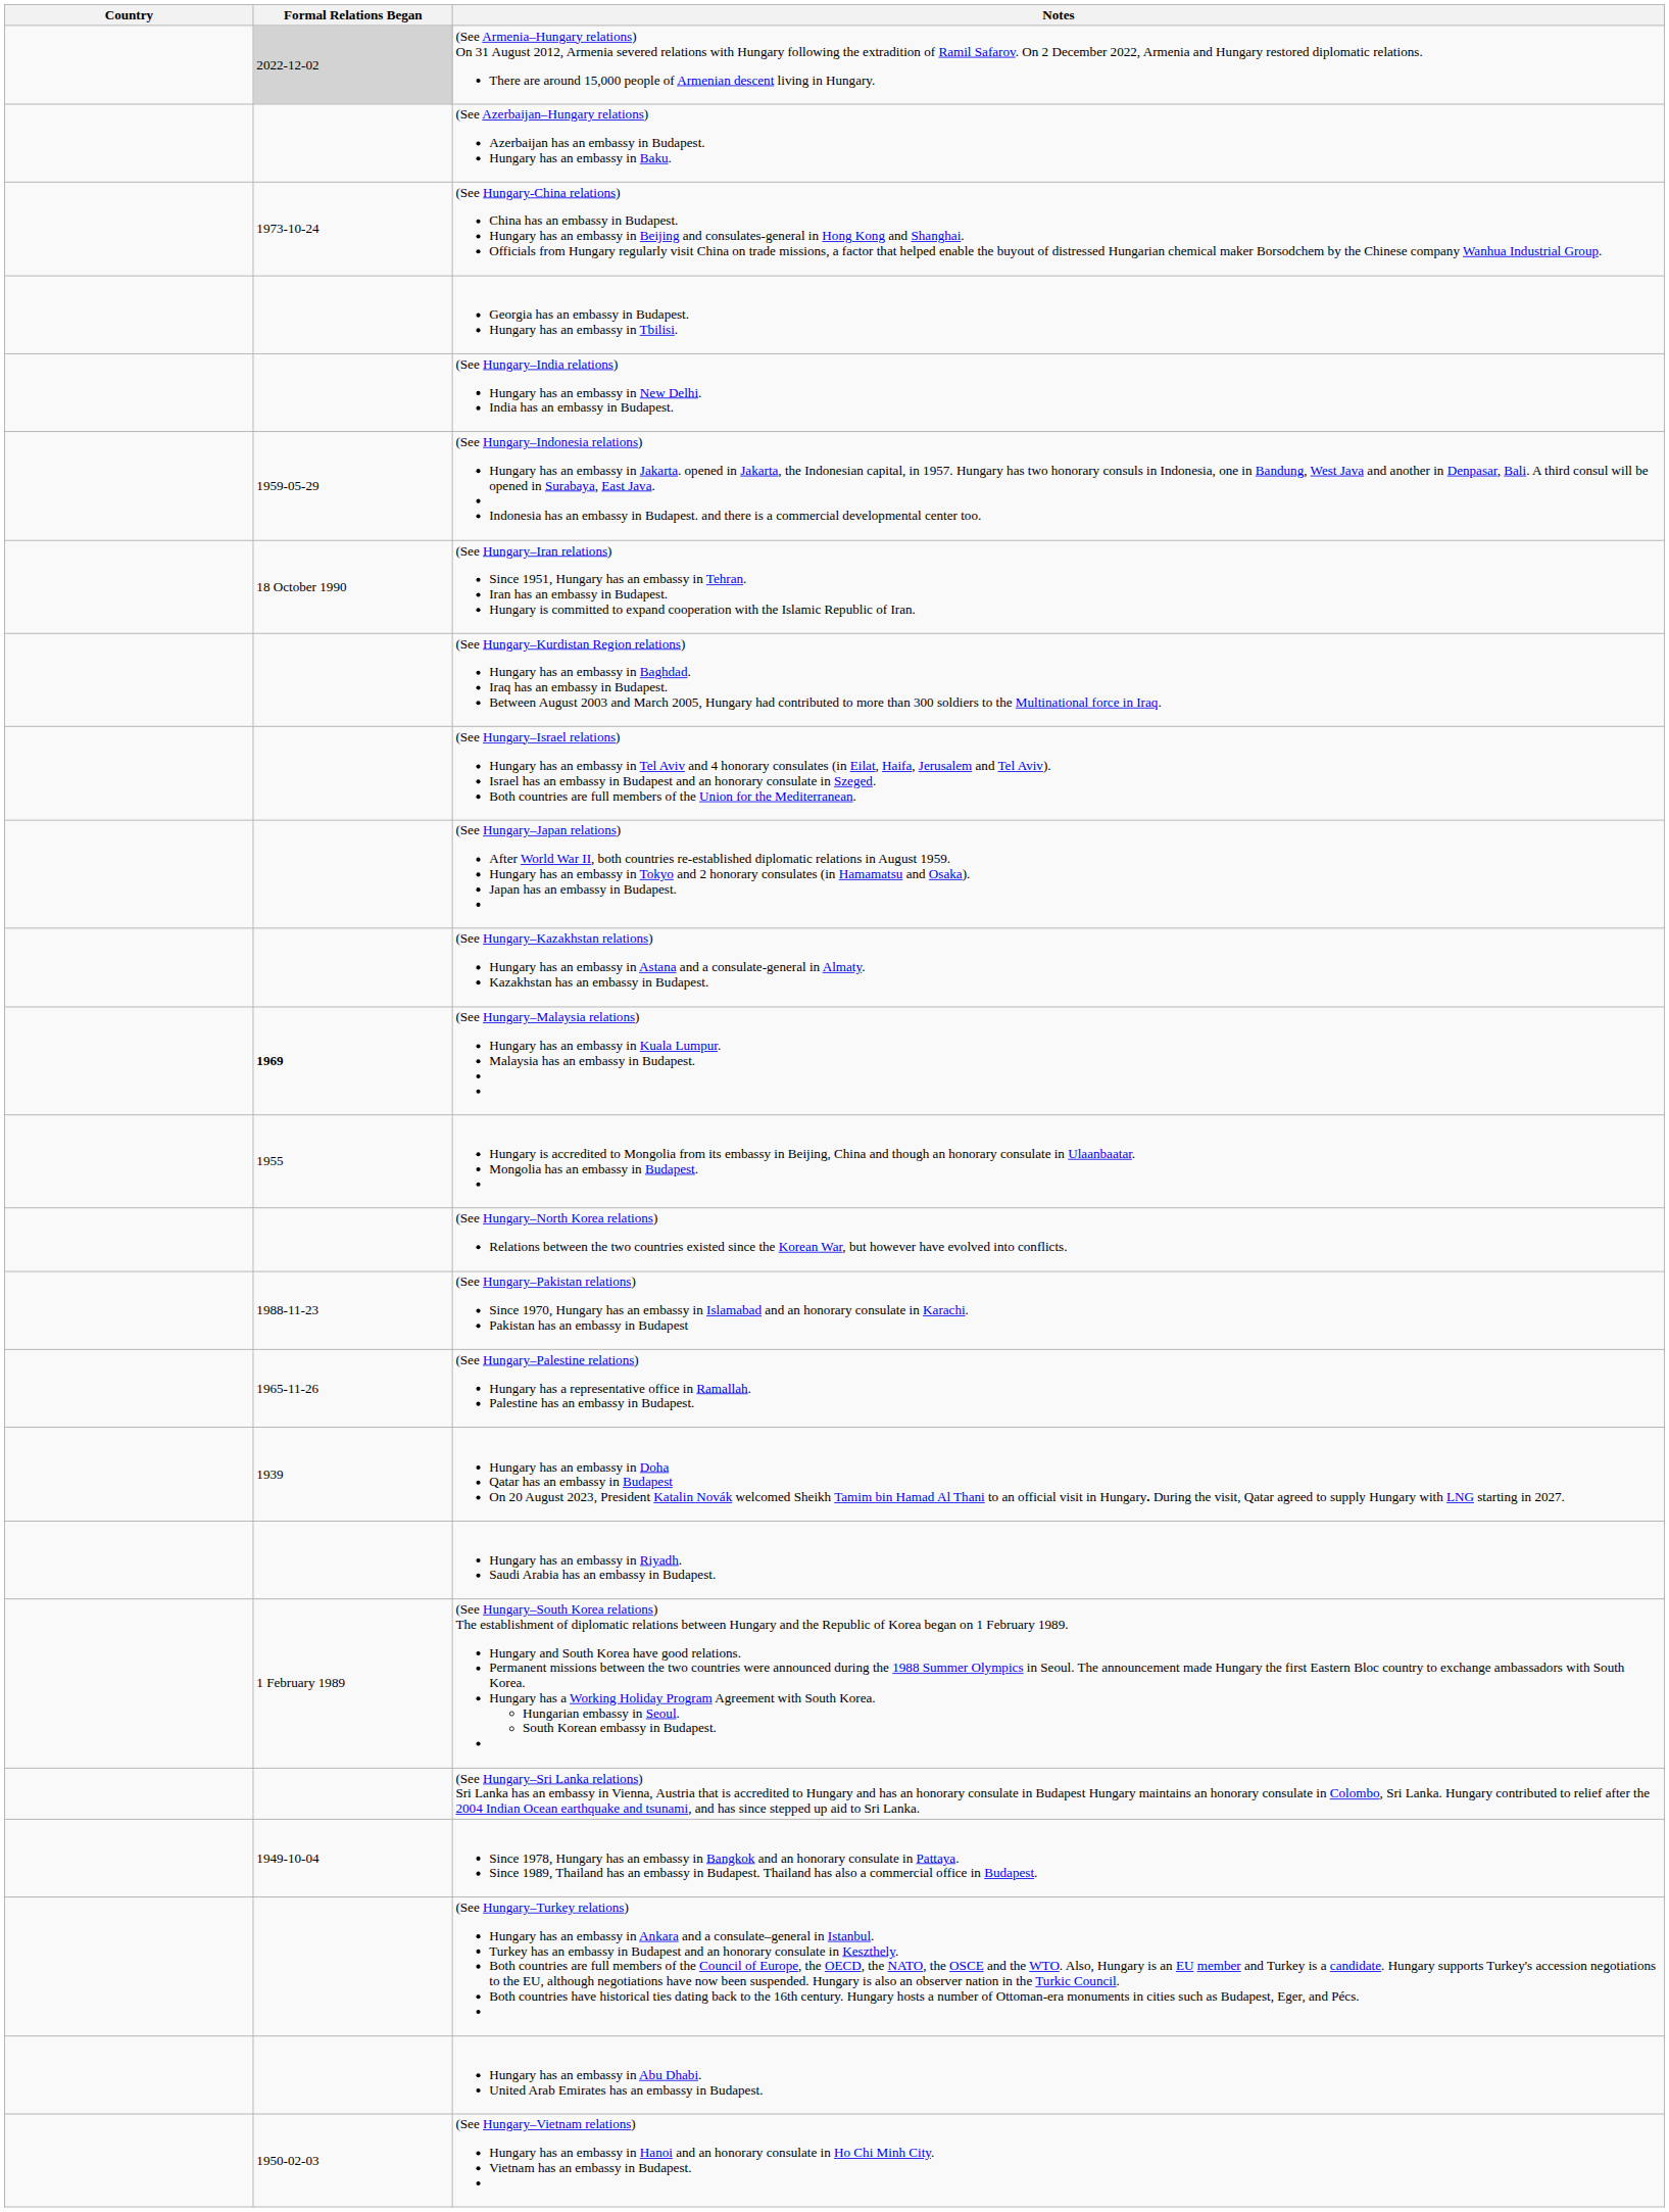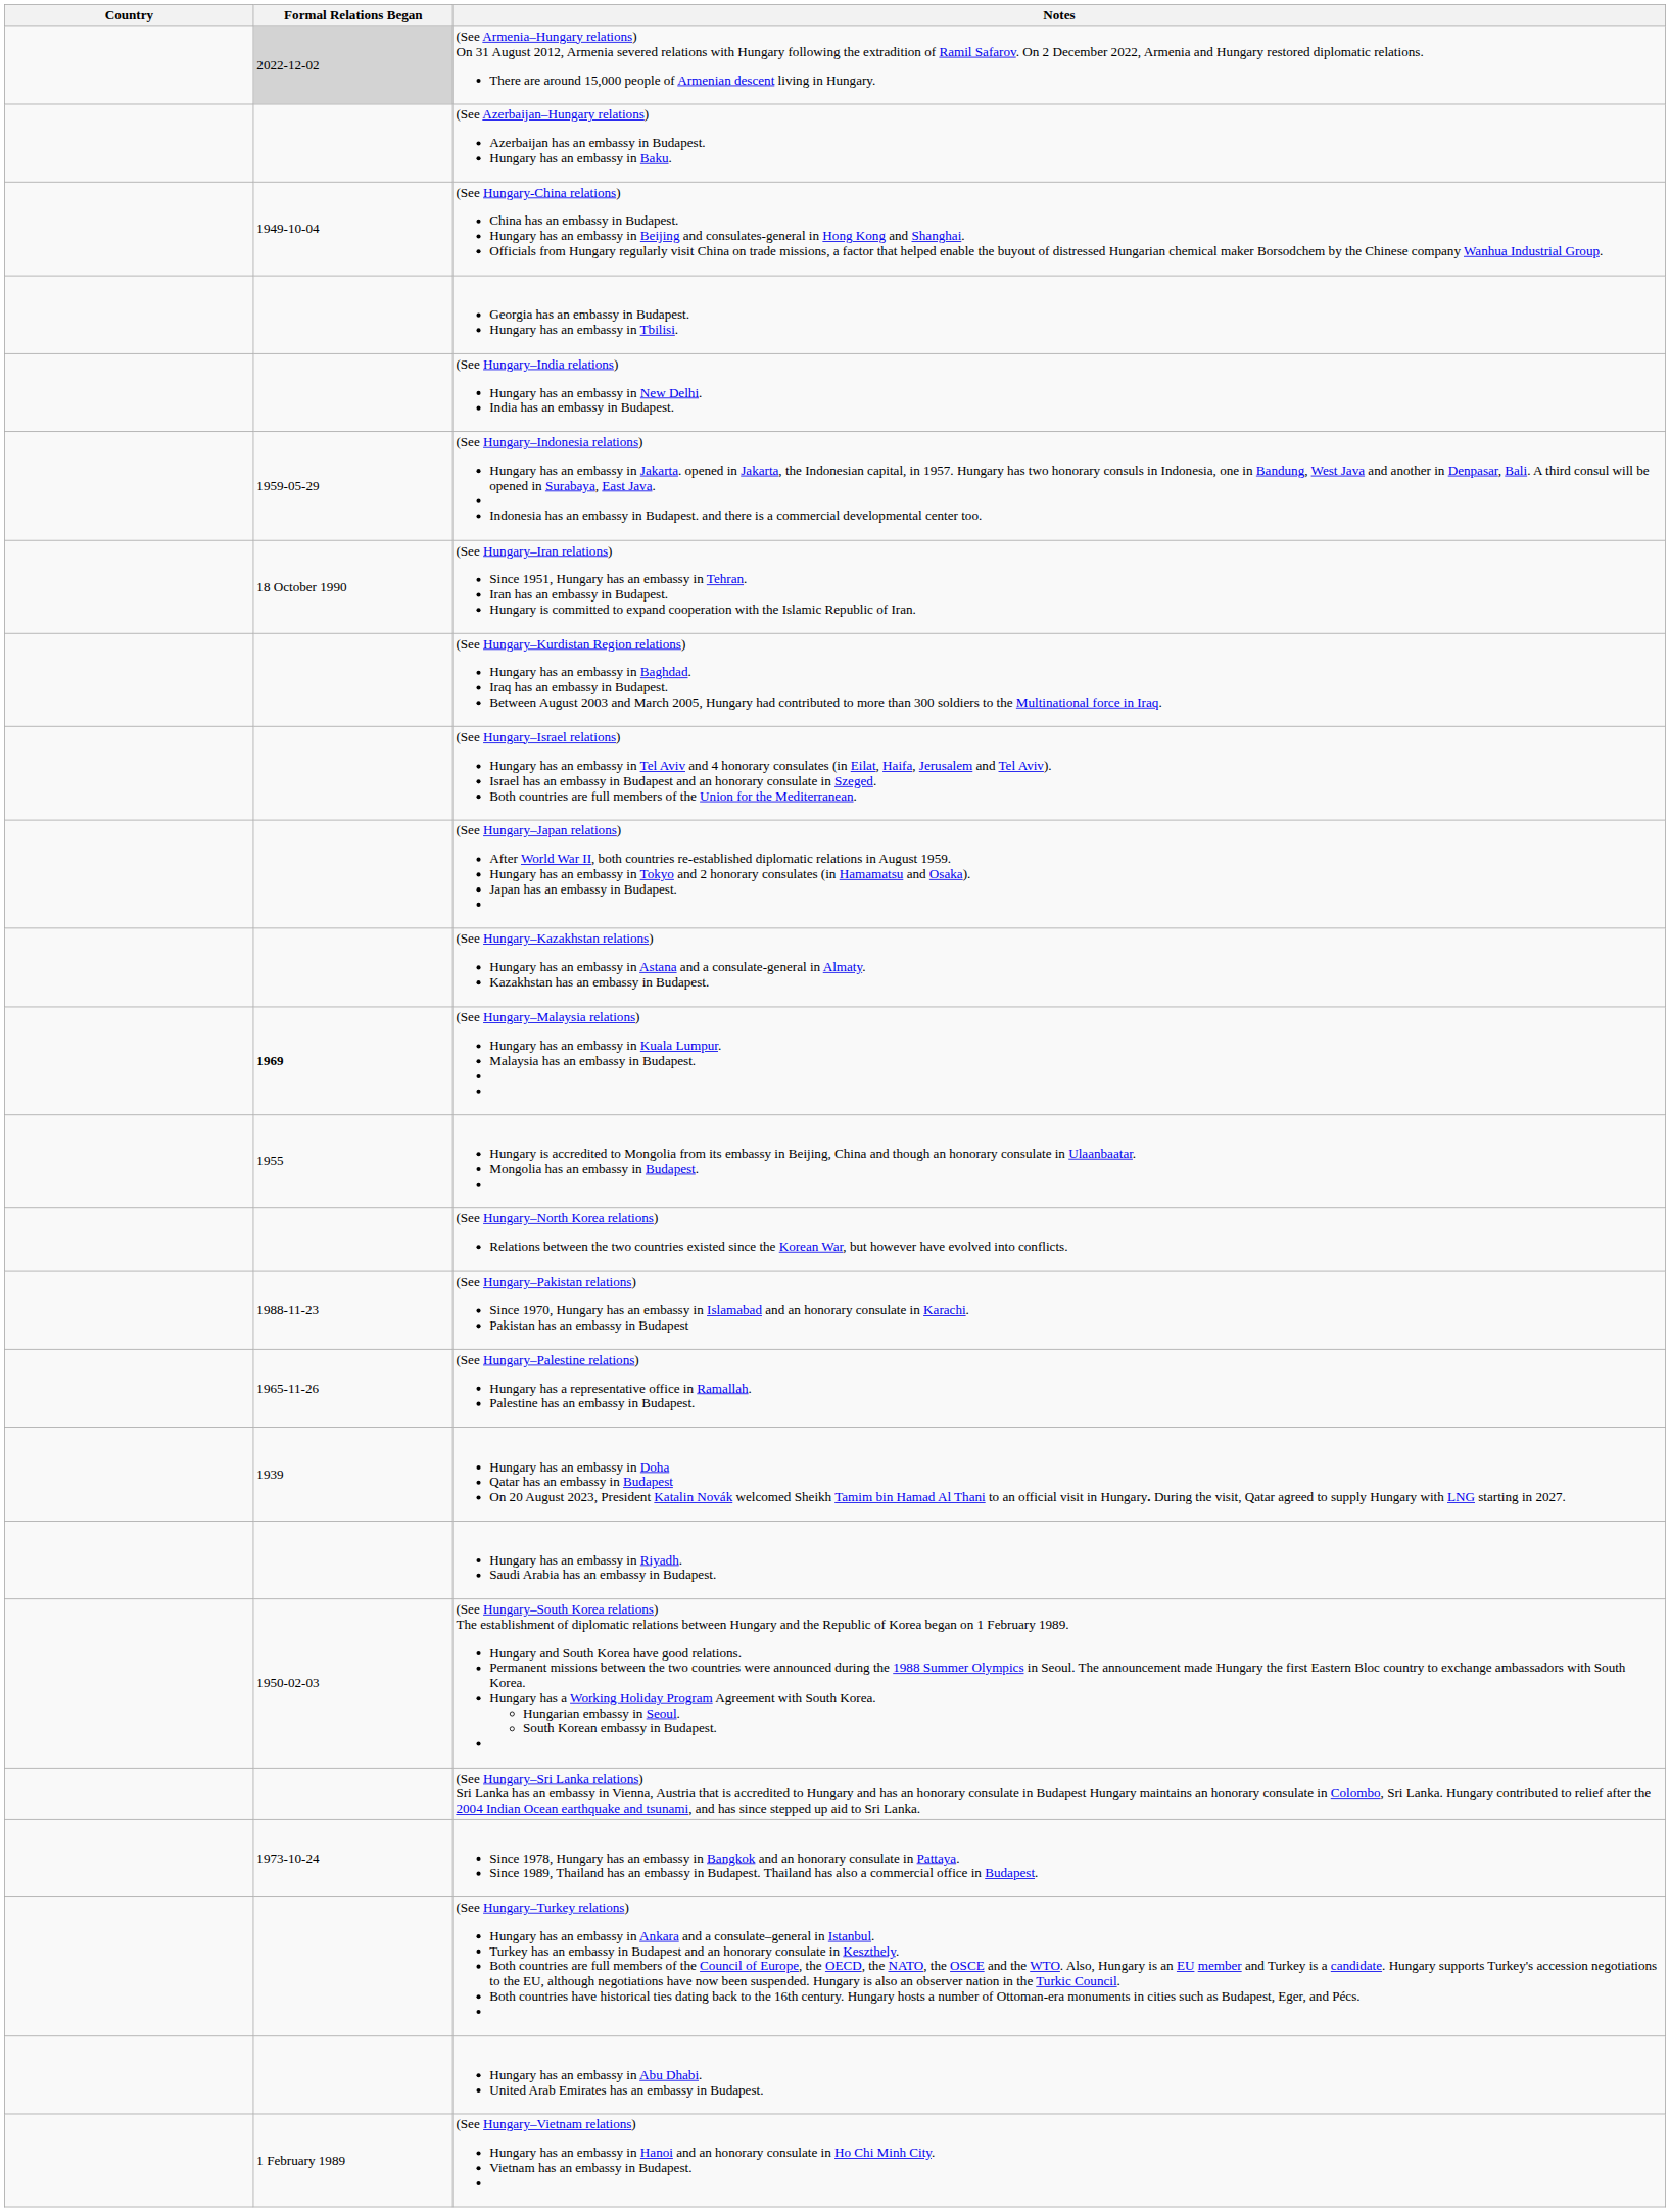 <table class="wikitable sortable" border="1" style="width:100%; margin:auto;">
 <tr>
 <th width="15%">Country</th>
 <th width="12%">Formal Relations Began</th>
 <th>Notes</th>
 </tr>
 <tr -valign="top">
 <td></td>
 <td style="background: lightgrey;">2022-12-02</td>
 <td>(See <a href='#'>Armenia–Hungary relations</a>)<br>On 31 August 2012, Armenia severed relations with Hungary following the extradition of <a href='#'>Ramil Safarov</a>. On 2 December 2022, Armenia and Hungary restored diplomatic relations.<ul><li>There are around 15,000 people of <a href='#'>Armenian descent</a> living in Hungary.</li></ul></td>
 </tr>
 <tr -valign="top">
 <td></td>
 <td></td>
 <td>(See <a href='#'>Azerbaijan–Hungary relations</a>)<br><ul><li>Azerbaijan has an embassy in Budapest.</li><li>Hungary has an embassy in <a href='#'>Baku</a>.</li></ul></td>
 </tr>
 <tr -valign="top">
 <td></td>
-<td>1973-10-24</td>
+<td>1949-10-04</td>
 <td>(See <a href='#'>Hungary-China relations</a>)<br><ul><li>China has an embassy in Budapest.</li><li>Hungary has an embassy in <a href='#'>Beijing</a> and consulates-general in <a href='#'>Hong Kong</a> and <a href='#'>Shanghai</a>.</li><li>Officials from Hungary regularly visit China on trade missions, a factor that helped enable the buyout of distressed Hungarian chemical maker Borsodchem by the Chinese company <a href='#'>Wanhua Industrial Group</a>.</li></ul></td>
 </tr>
 <tr -valign="top">
 <td></td>
 <td></td>
 <td><br><ul><li>Georgia has an embassy in Budapest.</li><li>Hungary has an embassy in <a href='#'>Tbilisi</a>.</li></ul></td>
 </tr>
 <tr -valign="top">
 <td></td>
 <td></td>
 <td>(See <a href='#'>Hungary–India relations</a>)<br><ul><li>Hungary has an embassy in <a href='#'>New Delhi</a>.</li><li>India has an embassy in Budapest.</li></ul></td>
 </tr>
 <tr -valign="top">
 <td></td>
 <td> 1959-05-29</td>
 <td>(See <a href='#'>Hungary–Indonesia relations</a>)<br><ul><li>Hungary has an embassy in <a href='#'>Jakarta</a>. opened in <a href='#'>Jakarta</a>, the Indonesian capital, in 1957. Hungary has two honorary consuls in Indonesia, one in <a href='#'>Bandung</a>, <a href='#'>West Java</a> and another in <a href='#'>Denpasar</a>, <a href='#'>Bali</a>. A third consul will be opened in <a href='#'>Surabaya</a>, <a href='#'>East Java</a>.</li><li> </li><li>Indonesia has an embassy in Budapest. and there is a commercial developmental center too.</li></ul></td>
 </tr>
 <tr -valign="top">
 <td></td>
 <td>18 October 1990</td>
 <td>(See <a href='#'>Hungary–Iran relations</a>)<br><ul><li>Since 1951, Hungary has an embassy in <a href='#'>Tehran</a>.</li><li>Iran has an embassy in Budapest.</li><li>Hungary is committed to expand cooperation with the Islamic Republic of Iran.</li></ul></td>
 </tr>
 <tr -valign="top">
 <td></td>
 <td></td>
 <td>(See <a href='#'>Hungary–Kurdistan Region relations</a>)<br><ul><li>Hungary has an embassy in <a href='#'>Baghdad</a>.</li><li>Iraq has an embassy in Budapest.</li><li>Between August 2003 and March 2005, Hungary had contributed to more than 300 soldiers to the <a href='#'>Multinational force in Iraq</a>.</li></ul></td>
 </tr>
 <tr -valign="top">
 <td></td>
 <td></td>
 <td>(See <a href='#'>Hungary–Israel relations</a>)<br><ul><li>Hungary has an embassy in <a href='#'>Tel Aviv</a> and 4 honorary consulates (in <a href='#'>Eilat</a>, <a href='#'>Haifa</a>, <a href='#'>Jerusalem</a> and <a href='#'>Tel Aviv</a>).</li><li>Israel has an embassy in Budapest and an honorary consulate in <a href='#'>Szeged</a>.</li><li>Both countries are full members of the <a href='#'>Union for the Mediterranean</a>.</li></ul></td>
 </tr>
 <tr -valign="top">
 <td></td>
 <td></td>
 <td>(See <a href='#'>Hungary–Japan relations</a>)<br><ul><li>After <a href='#'>World War II</a>, both countries re-established diplomatic relations in August 1959.</li><li>Hungary has an embassy in <a href='#'>Tokyo</a> and 2 honorary consulates (in <a href='#'>Hamamatsu</a> and <a href='#'>Osaka</a>).</li><li>Japan has an embassy in Budapest.</li><li></li></ul></td>
 </tr>
 <tr -valign="top">
 <td></td>
 <td></td>
 <td>(See <a href='#'>Hungary–Kazakhstan relations</a>)<br><ul><li>Hungary has an embassy in <a href='#'>Astana</a> and a consulate-general in <a href='#'>Almaty</a>.</li><li>Kazakhstan has an embassy in Budapest.</li></ul></td>
 </tr>
 <tr -valign="top">
 <td></td>
 <td><strong>1969</strong></td>
 <td>(See <a href='#'>Hungary–Malaysia relations</a>)<br><ul><li>Hungary has an embassy in <a href='#'>Kuala Lumpur</a>.</li><li>Malaysia has an embassy in Budapest.</li><li> </li><li></li></ul></td>
 </tr>
 <tr -valign="top">
 <td></td>
 <td> 1955</td>
 <td><br><ul><li>Hungary is accredited to Mongolia from its embassy in Beijing, China and though an honorary consulate in <a href='#'>Ulaanbaatar</a>.</li><li>Mongolia has an embassy in <a href='#'>Budapest</a>.</li><li></li></ul></td>
 </tr>
 <tr -valign="top">
 <td></td>
 <td></td>
 <td>(See <a href='#'>Hungary–North Korea relations</a>)<br><ul><li>Relations between the two countries existed since the <a href='#'>Korean War</a>, but however have evolved into conflicts.</li></ul></td>
 </tr>
 <tr -valign="top">
 <td></td>
 <td>1988-11-23</td>
 <td>(See <a href='#'>Hungary–Pakistan relations</a>)<br><ul><li>Since 1970, Hungary has an embassy in <a href='#'>Islamabad</a> and an honorary consulate in <a href='#'>Karachi</a>.</li><li>Pakistan has an embassy in Budapest</li></ul></td>
 </tr>
 <tr -valign="top">
 <td></td>
 <td>1965-11-26</td>
 <td>(See <a href='#'>Hungary–Palestine relations</a>)<br><ul><li>Hungary has a representative office in <a href='#'>Ramallah</a>.</li><li>Palestine has an embassy in Budapest.</li></ul></td>
 </tr>
 <tr>
 <td></td>
 <td>1939</td>
 <td><br><ul><li>Hungary has an embassy in <a href='#'>Doha</a></li><li>Qatar has an embassy in <a href='#'>Budapest</a></li><li>On 20 August 2023, President <a href='#'>Katalin Novák</a> welcomed Sheikh <a href='#'>Tamim bin Hamad Al Thani</a> to an official visit in Hungary<strong>.</strong> During the visit, Qatar agreed to supply Hungary with <a href='#'>LNG</a> starting in 2027.</li></ul></td>
 </tr>
 <tr -valign="top">
 <td></td>
 <td></td>
 <td><br><ul><li>Hungary has an embassy in <a href='#'>Riyadh</a>.</li><li>Saudi Arabia has an embassy in Budapest.</li></ul></td>
 </tr>
 <tr -valign="top">
 <td></td>
-<td> 1 February 1989</td>
+<td> 1950-02-03</td>
 <td>(See <a href='#'>Hungary–South Korea relations</a>)<br>The establishment of diplomatic relations between Hungary and the Republic of Korea began on 1 February 1989.<ul><li>Hungary and South Korea have good relations.</li><li>Permanent missions between the two countries were announced during the <a href='#'>1988 Summer Olympics</a> in Seoul. The announcement made Hungary the first Eastern Bloc country to exchange ambassadors with South Korea.</li><li>Hungary has a <a href='#'>Working Holiday Program</a> Agreement with South Korea.<ul><li>Hungarian embassy in <a href='#'>Seoul</a>.</li><li>South Korean embassy in Budapest.</li></ul></li><li></li></ul></td>
 </tr>
 <tr -valign="top">
 <td></td>
 <td></td>
 <td>(See <a href='#'>Hungary–Sri Lanka relations</a>)<br>Sri Lanka has an embassy in Vienna, Austria that is accredited to Hungary and has an honorary consulate in Budapest Hungary maintains an honorary consulate in <a href='#'>Colombo</a>, Sri Lanka. Hungary contributed to relief after the <a href='#'>2004 Indian Ocean earthquake and tsunami</a>, and has since stepped up aid to Sri Lanka.</td>
 </tr>
 <tr -valign="top">
 <td></td>
-<td>1949-10-04</td>
+<td>1973-10-24</td>
 <td><br><ul><li>Since 1978, Hungary has an embassy in <a href='#'>Bangkok</a> and an honorary consulate in <a href='#'>Pattaya</a>.</li><li>Since 1989, Thailand has an embassy in Budapest. Thailand has also a commercial office in <a href='#'>Budapest</a>.</li></ul></td>
 </tr>
 <tr -valign="top">
 <td></td>
 <td></td>
 <td>(See <a href='#'>Hungary–Turkey relations</a>) <br><ul><li>Hungary has an embassy in <a href='#'>Ankara</a> and a consulate–general in <a href='#'>Istanbul</a>.</li><li>Turkey has an embassy in Budapest and an honorary consulate in <a href='#'>Keszthely</a>.</li><li>Both countries are full members of the <a href='#'>Council of Europe</a>, the <a href='#'>OECD</a>, the <a href='#'>NATO</a>, the <a href='#'>OSCE</a> and the <a href='#'>WTO</a>. Also, Hungary is an <a href='#'>EU</a> <a href='#'>member</a> and Turkey is a <a href='#'>candidate</a>. Hungary supports Turkey's accession negotiations to the EU, although negotiations have now been suspended. Hungary is also an observer nation in the <a href='#'>Turkic Council</a>.</li><li>Both countries have historical ties dating back to the 16th century. Hungary hosts a number of Ottoman-era monuments in cities such as Budapest, Eger, and Pécs.</li><li></li></ul></td>
 </tr>
 <tr -valign="top">
 <td></td>
 <td></td>
 <td><br><ul><li>Hungary has an embassy in <a href='#'>Abu Dhabi</a>.</li><li>United Arab Emirates has an embassy in Budapest.</li></ul></td>
 </tr>
 <tr -valign="top">
 <td></td>
-<td> 1950-02-03</td>
+<td> 1 February 1989</td>
 <td>(See <a href='#'>Hungary–Vietnam relations</a>)<br><ul><li>Hungary has an embassy in <a href='#'>Hanoi</a> and an honorary consulate in <a href='#'>Ho Chi Minh City</a>.</li><li>Vietnam has an embassy in Budapest.</li><li></li></ul></td>
 </tr>
 </table>
